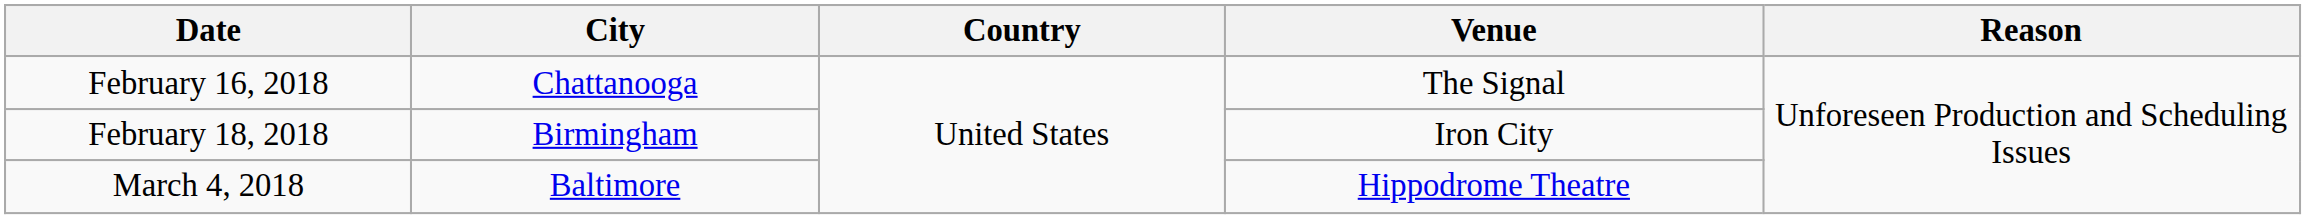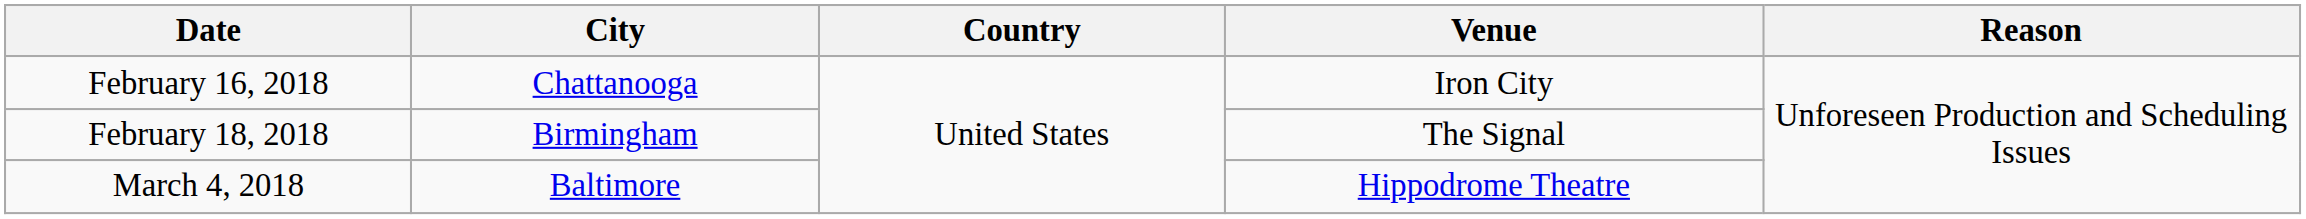 <table class="wikitable plainrowheaders" style="text-align:center;">
 <tr>
 <th scope="col" style="width:12em;">Date</th>
 <th scope="col" style="width:12em;">City</th>
 <th scope="col" style="width:12em;">Country</th>
 <th scope="col" style="width:16em;">Venue</th>
 <th scope="col" style="width:16em;">Reason</th>
 </tr>
 <tr>
 <td>February 16, 2018</td>
 <td><a href='#'>Chattanooga</a></td>
 <td rowspan="3">United States</td>
-<td>The Signal</td>
+<td>Iron City</td>
 <td rowspan="3">Unforeseen Production and Scheduling Issues</td>
 </tr>
 <tr>
 <td>February 18, 2018</td>
 <td><a href='#'>Birmingham</a></td>
-<td>Iron City</td>
+<td>The Signal</td>
 </tr>
 <tr>
 <td>March 4, 2018</td>
 <td><a href='#'>Baltimore</a></td>
 <td><a href='#'>Hippodrome Theatre</a></td>
 </tr>
 </table>
